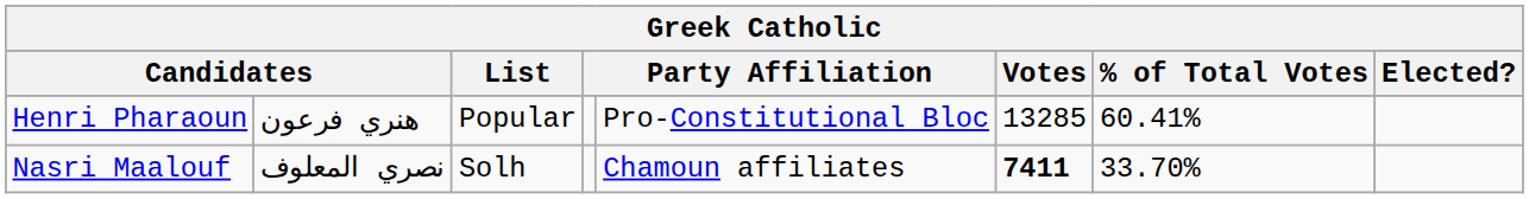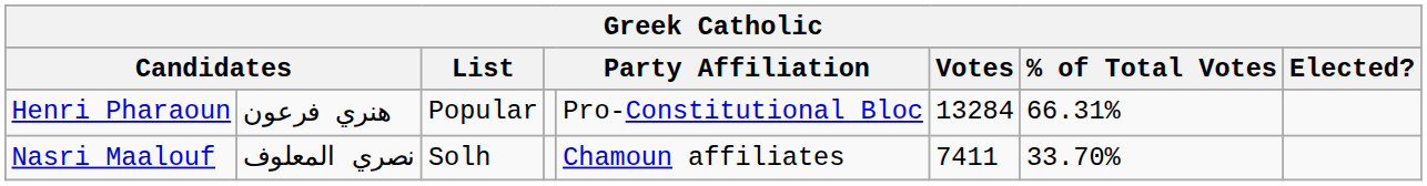 <table class="wikitable sortable">
 <tr>
 <th colspan="8">Greek Catholic</th>
 </tr>
 <tr>
 <th colspan="2">Candidates</th>
 <th>List</th>
 <th colspan="2">Party Affiliation</th>
 <th>Votes</th>
 <th>% of Total Votes</th>
 <th>Elected?</th>
 </tr>
 <tr>
 <td><a href='#'>Henri Pharaoun</a></td>
 <td>هنري فرعون</td>
 <td>Popular</td>
 <td style="background: "></td>
 <td>Pro-<a href='#'>Constitutional Bloc</a></td>
-<td>13285</td>
-<td>60.41%</td>
+<td>13284</td>
+<td>66.31%</td>
 <td></td>
 </tr>
 <tr>
 <td><a href='#'>Nasri Maalouf</a></td>
 <td>نصري المعلوف</td>
 <td>Solh</td>
 <td style="background: "></td>
 <td><a href='#'>Chamoun</a> affiliates</td>
-<td><strong>7411</strong></td>
+<td>7411</td>
 <td>33.70%</td>
 <td></td>
 </tr>
 </table>
